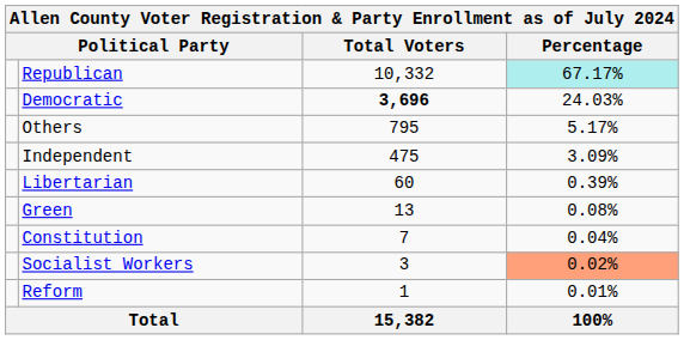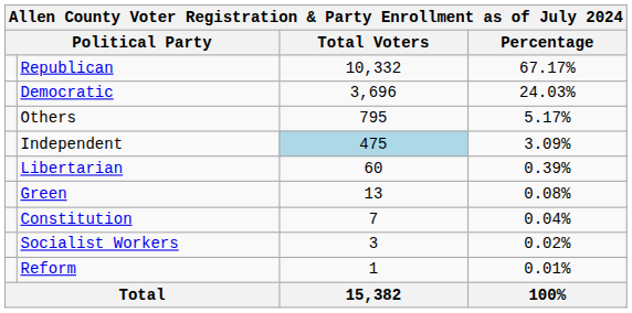 <table class=wikitable>
 <tr>
 <th colspan = 6>Allen County Voter Registration & Party Enrollment as of July 2024</th>
 </tr>
 <tr>
 <th colspan = 2>Political Party</th>
 <th>Total Voters</th>
 <th>Percentage</th>
 </tr>
 <tr>
 <td></td>
 <td><a href='#'>Republican</a></td>
 <td align = center>10,332</td>
-<td align = center style="background: paleturquoise;">67.17%</td>
+<td align = center>67.17%</td>
 </tr>
 <tr>
 <td></td>
 <td><a href='#'>Democratic</a></td>
-<td align = center><strong>3,696</strong></td>
+<td align = center>3,696</td>
 <td align = center>24.03%</td>
 </tr>
 <tr>
 <td></td>
 <td>Others</td>
 <td align = center>795</td>
 <td align = center>5.17%</td>
 </tr>
 <tr>
 <td></td>
 <td>Independent</td>
-<td align = center>475</td>
+<td align = center style="background: lightblue;">475</td>
 <td align = center>3.09%</td>
 </tr>
 <tr>
 <td></td>
 <td><a href='#'>Libertarian</a></td>
 <td align = center>60</td>
 <td align = center>0.39%</td>
 </tr>
 <tr>
 <td></td>
 <td><a href='#'>Green</a></td>
 <td align = center>13</td>
 <td align = center>0.08%</td>
 </tr>
 <tr>
 <td></td>
 <td><a href='#'>Constitution</a></td>
 <td align = center>7</td>
 <td align = center>0.04%</td>
 </tr>
 <tr>
 <td></td>
 <td><a href='#'>Socialist Workers</a></td>
 <td align = center>3</td>
-<td align = center style="background: lightsalmon;">0.02%</td>
+<td align = center>0.02%</td>
 </tr>
 <tr>
 <td></td>
 <td><a href='#'>Reform</a></td>
 <td align = center>1</td>
 <td align = center>0.01%</td>
 </tr>
 <tr>
 <th colspan = 2>Total</th>
 <th align = center>15,382</th>
 <th align = center>100%</th>
 </tr>
 </table>
